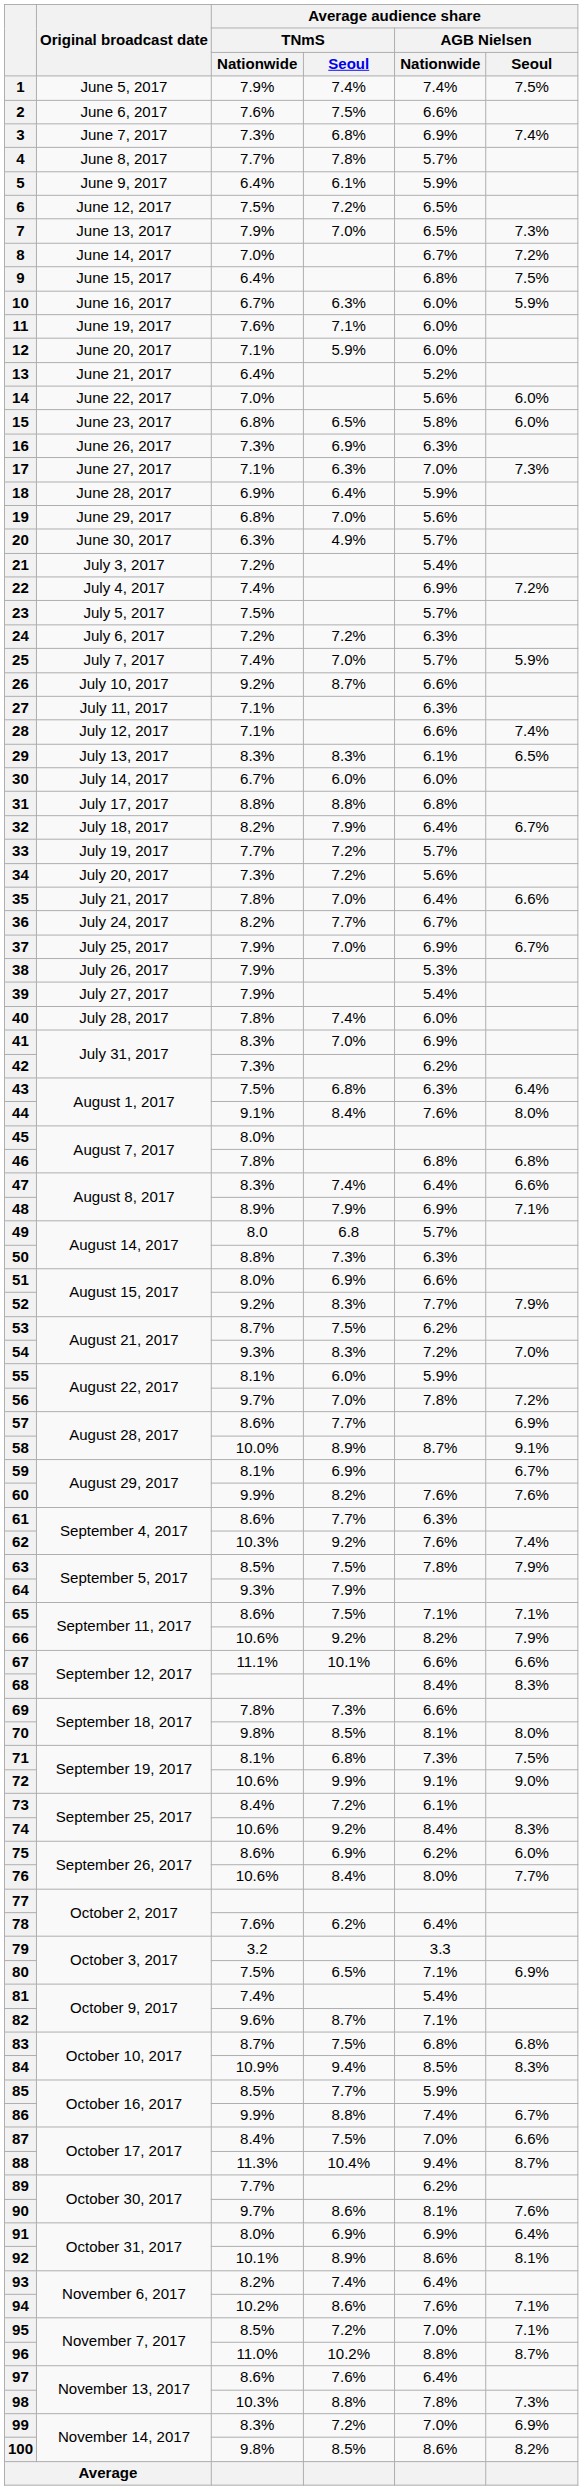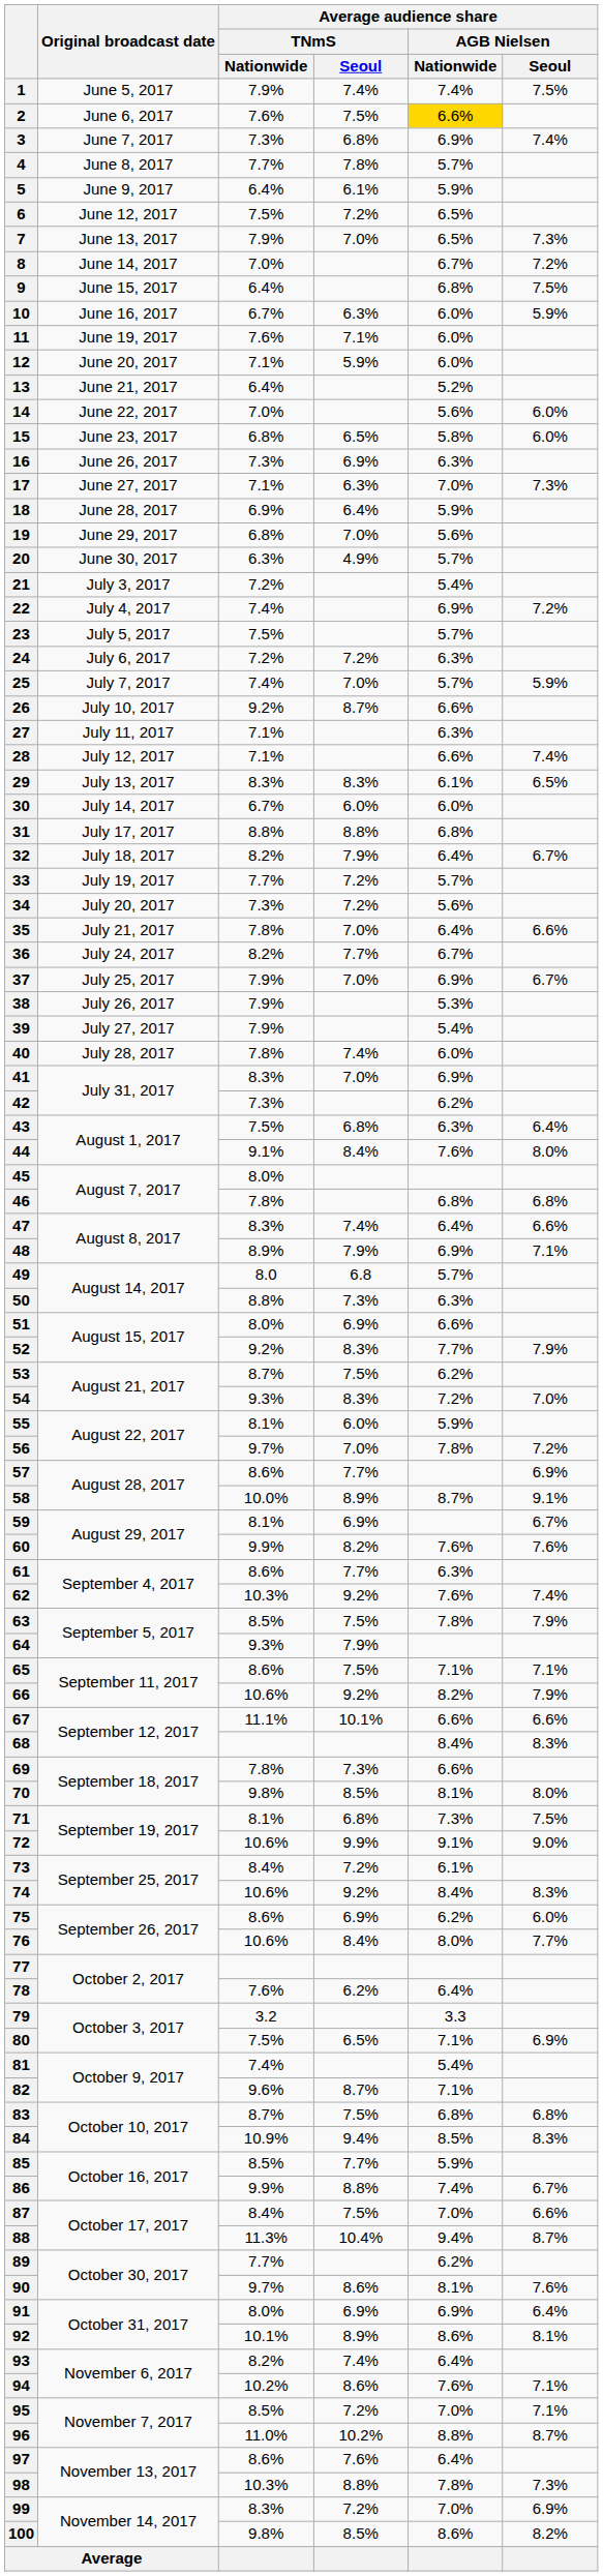 <table class="wikitable" style="text-align:center">
 <tr>
 <th rowspan="3"></th>
 <th rowspan="3">Original broadcast date</th>
 <th colspan="4">Average audience share</th>
 </tr>
 <tr>
 <th colspan="2">TNmS</th>
 <th colspan="2">AGB Nielsen</th>
 </tr>
 <tr>
 <th width=90>Nationwide</th>
 <th width=90><a href='#'>Seoul</a></th>
 <th width=90>Nationwide</th>
 <th width=90>Seoul</th>
 </tr>
 <tr>
 <th>1</th>
 <td>June 5, 2017</td>
 <td>7.9% </td>
 <td>7.4% </td>
 <td>7.4% </td>
 <td>7.5% </td>
 </tr>
 <tr>
 <th>2</th>
 <td>June 6, 2017</td>
 <td>7.6% </td>
 <td>7.5% </td>
-<td>6.6% </td>
+<td style="background: gold;">6.6% </td>
 <td></td>
 </tr>
 <tr>
 <th>3</th>
 <td>June 7, 2017</td>
 <td>7.3% </td>
 <td>6.8% </td>
 <td>6.9% </td>
 <td>7.4% </td>
 </tr>
 <tr>
 <th>4</th>
 <td>June 8, 2017</td>
 <td>7.7% </td>
 <td>7.8% </td>
 <td>5.7% </td>
 <td></td>
 </tr>
 <tr>
 <th>5</th>
 <td>June 9, 2017</td>
 <td>6.4% </td>
 <td>6.1% </td>
 <td>5.9% </td>
 <td> </td>
 </tr>
 <tr>
 <th>6</th>
 <td>June 12, 2017</td>
 <td>7.5% </td>
 <td>7.2% </td>
 <td>6.5% </td>
 <td></td>
 </tr>
 <tr>
 <th>7</th>
 <td>June 13, 2017</td>
 <td>7.9% </td>
 <td>7.0% </td>
 <td>6.5% </td>
 <td>7.3% </td>
 </tr>
 <tr>
 <th>8</th>
 <td>June 14, 2017</td>
 <td>7.0% </td>
 <td></td>
 <td>6.7% </td>
 <td>7.2% </td>
 </tr>
 <tr>
 <th>9</th>
 <td>June 15, 2017</td>
 <td>6.4% </td>
 <td></td>
 <td>6.8% </td>
 <td>7.5% </td>
 </tr>
 <tr>
 <th>10</th>
 <td>June 16, 2017</td>
 <td>6.7% </td>
 <td>6.3% </td>
 <td>6.0% </td>
 <td>5.9% </td>
 </tr>
 <tr>
 <th>11</th>
 <td>June 19, 2017</td>
 <td>7.6% </td>
 <td>7.1% </td>
 <td>6.0% </td>
 <td></td>
 </tr>
 <tr>
 <th>12</th>
 <td>June 20, 2017</td>
 <td>7.1% </td>
 <td>5.9% </td>
 <td>6.0% </td>
 <td></td>
 </tr>
 <tr>
 <th>13</th>
 <td>June 21, 2017</td>
 <td>6.4% </td>
 <td></td>
 <td>5.2% </td>
 <td></td>
 </tr>
 <tr>
 <th>14</th>
 <td>June 22, 2017</td>
 <td>7.0% </td>
 <td></td>
 <td>5.6% </td>
 <td>6.0% </td>
 </tr>
 <tr>
 <th>15</th>
 <td>June 23, 2017</td>
 <td>6.8% </td>
 <td>6.5% </td>
 <td>5.8% </td>
 <td>6.0% </td>
 </tr>
 <tr>
 <th>16</th>
 <td>June 26, 2017</td>
 <td>7.3% </td>
 <td>6.9% </td>
 <td>6.3% </td>
 <td></td>
 </tr>
 <tr>
 <th>17</th>
 <td>June 27, 2017</td>
 <td>7.1% </td>
 <td>6.3% </td>
 <td>7.0% </td>
 <td>7.3% </td>
 </tr>
 <tr>
 <th>18</th>
 <td>June 28, 2017</td>
 <td>6.9% </td>
 <td>6.4% </td>
 <td>5.9% </td>
 <td></td>
 </tr>
 <tr>
 <th>19</th>
 <td>June 29, 2017</td>
 <td>6.8% </td>
 <td>7.0% </td>
 <td>5.6% </td>
 <td></td>
 </tr>
 <tr>
 <th>20</th>
 <td>June 30, 2017</td>
 <td>6.3% </td>
 <td>4.9% </td>
 <td>5.7% </td>
 <td></td>
 </tr>
 <tr>
 <th>21</th>
 <td>July 3, 2017</td>
 <td>7.2% </td>
 <td></td>
 <td>5.4% </td>
 <td></td>
 </tr>
 <tr>
 <th>22</th>
 <td>July 4, 2017</td>
 <td>7.4% </td>
 <td></td>
 <td>6.9% </td>
 <td>7.2% </td>
 </tr>
 <tr>
 <th>23</th>
 <td>July 5, 2017</td>
 <td>7.5% </td>
 <td></td>
 <td>5.7% </td>
 <td></td>
 </tr>
 <tr>
 <th>24</th>
 <td>July 6, 2017</td>
 <td>7.2% </td>
 <td>7.2% </td>
 <td>6.3% </td>
 <td></td>
 </tr>
 <tr>
 <th>25</th>
 <td>July 7, 2017</td>
 <td>7.4% </td>
 <td>7.0% </td>
 <td>5.7% </td>
 <td>5.9% </td>
 </tr>
 <tr>
 <th>26</th>
 <td>July 10, 2017</td>
 <td>9.2% </td>
 <td>8.7% </td>
 <td>6.6% </td>
 <td></td>
 </tr>
 <tr>
 <th>27</th>
 <td>July 11, 2017</td>
 <td>7.1% </td>
 <td></td>
 <td>6.3% </td>
 <td></td>
 </tr>
 <tr>
 <th>28</th>
 <td>July 12, 2017</td>
 <td>7.1% </td>
 <td></td>
 <td>6.6% </td>
 <td>7.4% </td>
 </tr>
 <tr>
 <th>29</th>
 <td>July 13, 2017</td>
 <td>8.3% </td>
 <td>8.3% </td>
 <td>6.1% </td>
 <td>6.5% </td>
 </tr>
 <tr>
 <th>30</th>
 <td>July 14, 2017</td>
 <td>6.7% </td>
 <td>6.0% </td>
 <td>6.0% </td>
 <td></td>
 </tr>
 <tr>
 <th>31</th>
 <td>July 17, 2017</td>
 <td>8.8% </td>
 <td>8.8% </td>
 <td>6.8% </td>
 <td></td>
 </tr>
 <tr>
 <th>32</th>
 <td>July 18, 2017</td>
 <td>8.2% </td>
 <td>7.9% </td>
 <td>6.4% </td>
 <td>6.7% </td>
 </tr>
 <tr>
 <th>33</th>
 <td>July 19, 2017</td>
 <td>7.7% </td>
 <td>7.2% </td>
 <td>5.7% </td>
 <td></td>
 </tr>
 <tr>
 <th>34</th>
 <td>July 20, 2017</td>
 <td>7.3% </td>
 <td>7.2% </td>
 <td>5.6% </td>
 <td></td>
 </tr>
 <tr>
 <th>35</th>
 <td>July 21, 2017</td>
 <td>7.8% </td>
 <td>7.0% </td>
 <td>6.4% </td>
 <td>6.6% </td>
 </tr>
 <tr>
 <th>36</th>
 <td>July 24, 2017</td>
 <td>8.2% </td>
 <td>7.7% </td>
 <td>6.7% </td>
 <td></td>
 </tr>
 <tr>
 <th>37</th>
 <td>July 25, 2017</td>
 <td>7.9% </td>
 <td>7.0% </td>
 <td>6.9% </td>
 <td>6.7% </td>
 </tr>
 <tr>
 <th>38</th>
 <td>July 26, 2017</td>
 <td>7.9% </td>
 <td></td>
 <td>5.3% </td>
 <td></td>
 </tr>
 <tr>
 <th>39</th>
 <td>July 27, 2017</td>
 <td>7.9% </td>
 <td></td>
 <td>5.4% </td>
 <td></td>
 </tr>
 <tr>
 <th>40</th>
 <td>July 28, 2017</td>
 <td>7.8% </td>
 <td>7.4% </td>
 <td>6.0% </td>
 <td></td>
 </tr>
 <tr>
 <th>41</th>
 <td rowspan="2">July 31, 2017</td>
 <td>8.3% </td>
 <td>7.0% </td>
 <td>6.9% </td>
 <td></td>
 </tr>
 <tr>
 <th>42</th>
 <td>7.3% </td>
 <td></td>
 <td>6.2% </td>
 <td></td>
 </tr>
 <tr>
 <th>43</th>
 <td rowspan="2">August 1, 2017</td>
 <td>7.5% </td>
 <td>6.8% </td>
 <td>6.3% </td>
 <td>6.4% </td>
 </tr>
 <tr>
 <th>44</th>
 <td>9.1% </td>
 <td>8.4% </td>
 <td>7.6% </td>
 <td>8.0% </td>
 </tr>
 <tr>
 <th>45</th>
 <td rowspan="2">August 7, 2017</td>
 <td>8.0% </td>
 <td></td>
 <td></td>
 <td></td>
 </tr>
 <tr>
 <th>46</th>
 <td>7.8% </td>
 <td></td>
 <td>6.8% </td>
 <td>6.8% </td>
 </tr>
 <tr>
 <th>47</th>
 <td rowspan="2">August 8, 2017</td>
 <td>8.3% </td>
 <td>7.4% </td>
 <td>6.4% </td>
 <td>6.6% </td>
 </tr>
 <tr>
 <th>48</th>
 <td>8.9% </td>
 <td>7.9% </td>
 <td>6.9% </td>
 <td>7.1% </td>
 </tr>
 <tr>
 <th>49</th>
 <td rowspan="2">August 14, 2017</td>
 <td>8.0 </td>
 <td>6.8 </td>
 <td>5.7% </td>
 <td></td>
 </tr>
 <tr>
 <th>50</th>
 <td>8.8% </td>
 <td>7.3% </td>
 <td>6.3% </td>
 <td></td>
 </tr>
 <tr>
 <th>51</th>
 <td rowspan="2">August 15, 2017</td>
 <td>8.0% </td>
 <td>6.9% </td>
 <td>6.6% </td>
 <td></td>
 </tr>
 <tr>
 <th>52</th>
 <td>9.2% </td>
 <td>8.3% </td>
 <td>7.7% </td>
 <td>7.9% </td>
 </tr>
 <tr>
 <th>53</th>
 <td rowspan="2">August 21, 2017</td>
 <td>8.7% </td>
 <td>7.5% </td>
 <td>6.2% </td>
 <td></td>
 </tr>
 <tr>
 <th>54</th>
 <td>9.3% </td>
 <td>8.3% </td>
 <td>7.2% </td>
 <td>7.0% </td>
 </tr>
 <tr>
 <th>55</th>
 <td rowspan="2">August 22, 2017</td>
 <td>8.1% </td>
 <td>6.0% </td>
 <td>5.9% </td>
 <td></td>
 </tr>
 <tr>
 <th>56</th>
 <td>9.7% </td>
 <td>7.0% </td>
 <td>7.8% </td>
 <td>7.2% </td>
 </tr>
 <tr>
 <th>57</th>
 <td rowspan="2">August 28, 2017</td>
 <td>8.6% </td>
 <td>7.7% </td>
 <td></td>
 <td>6.9% </td>
 </tr>
 <tr>
 <th>58</th>
 <td>10.0% </td>
 <td>8.9% </td>
 <td>8.7% </td>
 <td>9.1% </td>
 </tr>
 <tr>
 <th>59</th>
 <td rowspan="2">August 29, 2017</td>
 <td>8.1% </td>
 <td>6.9% </td>
 <td></td>
 <td>6.7% </td>
 </tr>
 <tr>
 <th>60</th>
 <td>9.9% </td>
 <td>8.2% </td>
 <td>7.6% </td>
 <td>7.6% </td>
 </tr>
 <tr>
 <th>61</th>
 <td rowspan="2">September 4, 2017</td>
 <td>8.6% </td>
 <td>7.7% </td>
 <td>6.3% </td>
 <td></td>
 </tr>
 <tr>
 <th>62</th>
 <td>10.3% </td>
 <td>9.2% </td>
 <td>7.6% </td>
 <td>7.4% </td>
 </tr>
 <tr>
 <th>63</th>
 <td rowspan="2">September 5, 2017</td>
 <td>8.5% </td>
 <td>7.5% </td>
 <td>7.8% </td>
 <td>7.9% </td>
 </tr>
 <tr>
 <th>64</th>
 <td>9.3% </td>
 <td>7.9% </td>
 <td> </td>
 <td> </td>
 </tr>
 <tr>
 <th>65</th>
 <td rowspan="2">September 11, 2017</td>
 <td>8.6% </td>
 <td>7.5% </td>
 <td>7.1% </td>
 <td>7.1% </td>
 </tr>
 <tr>
 <th>66</th>
 <td>10.6% </td>
 <td>9.2% </td>
 <td>8.2% </td>
 <td>7.9% </td>
 </tr>
 <tr>
 <th>67</th>
 <td rowspan="2">September 12, 2017</td>
 <td>11.1% </td>
 <td>10.1% </td>
 <td>6.6% </td>
 <td>6.6% </td>
 </tr>
 <tr>
 <th>68</th>
 <td> </td>
 <td> </td>
 <td>8.4% </td>
 <td>8.3% </td>
 </tr>
 <tr>
 <th>69</th>
 <td rowspan="2">September 18, 2017</td>
 <td>7.8% </td>
 <td>7.3% </td>
 <td>6.6% </td>
 <td></td>
 </tr>
 <tr>
 <th>70</th>
 <td>9.8% </td>
 <td>8.5% </td>
 <td>8.1% </td>
 <td>8.0% </td>
 </tr>
 <tr>
 <th>71</th>
 <td rowspan="2">September 19, 2017</td>
 <td>8.1% </td>
 <td>6.8% </td>
 <td>7.3% </td>
 <td>7.5% </td>
 </tr>
 <tr>
 <th>72</th>
 <td>10.6% </td>
 <td>9.9% </td>
 <td>9.1% </td>
 <td>9.0% </td>
 </tr>
 <tr>
 <th>73</th>
 <td rowspan="2">September 25, 2017</td>
 <td>8.4% </td>
 <td>7.2% </td>
 <td>6.1% </td>
 <td></td>
 </tr>
 <tr>
 <th>74</th>
 <td>10.6% </td>
 <td>9.2% </td>
 <td>8.4% </td>
 <td>8.3% </td>
 </tr>
 <tr>
 <th>75</th>
 <td rowspan="2">September 26, 2017</td>
 <td>8.6% </td>
 <td>6.9% </td>
 <td>6.2% </td>
 <td>6.0% </td>
 </tr>
 <tr>
 <th>76</th>
 <td>10.6% </td>
 <td>8.4% </td>
 <td>8.0% </td>
 <td>7.7% </td>
 </tr>
 <tr>
 <th>77</th>
 <td rowspan="2">October 2, 2017</td>
 <td> </td>
 <td></td>
 <td> </td>
 <td></td>
 </tr>
 <tr>
 <th>78</th>
 <td>7.6% </td>
 <td>6.2% </td>
 <td>6.4% </td>
 <td></td>
 </tr>
 <tr>
 <th>79</th>
 <td rowspan="2">October 3, 2017</td>
 <td>3.2</td>
 <td></td>
 <td>3.3</td>
 <td></td>
 </tr>
 <tr>
 <th>80</th>
 <td>7.5% </td>
 <td>6.5% </td>
 <td>7.1% </td>
 <td>6.9% </td>
 </tr>
 <tr>
 <th>81</th>
 <td rowspan="2">October 9, 2017</td>
 <td>7.4% </td>
 <td></td>
 <td>5.4% </td>
 <td></td>
 </tr>
 <tr>
 <th>82</th>
 <td>9.6% </td>
 <td>8.7% </td>
 <td>7.1% </td>
 <td></td>
 </tr>
 <tr>
 <th>83</th>
 <td rowspan="2">October 10, 2017</td>
 <td>8.7% </td>
 <td>7.5% </td>
 <td>6.8% </td>
 <td>6.8% </td>
 </tr>
 <tr>
 <th>84</th>
 <td>10.9% </td>
 <td>9.4% </td>
 <td>8.5% </td>
 <td>8.3% </td>
 </tr>
 <tr>
 <th>85</th>
 <td rowspan="2">October 16, 2017</td>
 <td>8.5% </td>
 <td>7.7% </td>
 <td>5.9% </td>
 <td></td>
 </tr>
 <tr>
 <th>86</th>
 <td>9.9% </td>
 <td>8.8% </td>
 <td>7.4% </td>
 <td>6.7% </td>
 </tr>
 <tr>
 <th>87</th>
 <td rowspan="2">October 17, 2017</td>
 <td>8.4% </td>
 <td>7.5% </td>
 <td>7.0% </td>
 <td>6.6% </td>
 </tr>
 <tr>
 <th>88</th>
 <td>11.3% </td>
 <td>10.4% </td>
 <td>9.4% </td>
 <td>8.7% </td>
 </tr>
 <tr>
 <th>89</th>
 <td rowspan="2">October 30, 2017</td>
 <td>7.7% </td>
 <td></td>
 <td>6.2% </td>
 <td></td>
 </tr>
 <tr>
 <th>90</th>
 <td>9.7% </td>
 <td>8.6% </td>
 <td>8.1% </td>
 <td>7.6% </td>
 </tr>
 <tr>
 <th>91</th>
 <td rowspan="2">October 31, 2017</td>
 <td>8.0% </td>
 <td>6.9% </td>
 <td>6.9% </td>
 <td>6.4% </td>
 </tr>
 <tr>
 <th>92</th>
 <td>10.1% </td>
 <td>8.9% </td>
 <td>8.6% </td>
 <td>8.1% </td>
 </tr>
 <tr>
 <th>93</th>
 <td rowspan="2">November 6, 2017</td>
 <td>8.2% </td>
 <td>7.4% </td>
 <td>6.4% </td>
 <td></td>
 </tr>
 <tr>
 <th>94</th>
 <td>10.2% </td>
 <td>8.6% </td>
 <td>7.6% </td>
 <td>7.1% </td>
 </tr>
 <tr>
 <th>95</th>
 <td rowspan="2">November 7, 2017</td>
 <td>8.5% </td>
 <td>7.2% </td>
 <td>7.0% </td>
 <td>7.1% </td>
 </tr>
 <tr>
 <th>96</th>
 <td>11.0% </td>
 <td>10.2% </td>
 <td>8.8% </td>
 <td>8.7% </td>
 </tr>
 <tr>
 <th>97</th>
 <td rowspan="2">November 13, 2017</td>
 <td>8.6% </td>
 <td>7.6% </td>
 <td>6.4% </td>
 <td></td>
 </tr>
 <tr>
 <th>98</th>
 <td>10.3% </td>
 <td>8.8% </td>
 <td>7.8% </td>
 <td>7.3% </td>
 </tr>
 <tr>
 <th>99</th>
 <td rowspan="2">November 14, 2017</td>
 <td>8.3% </td>
 <td>7.2% </td>
 <td>7.0% </td>
 <td>6.9% </td>
 </tr>
 <tr>
 <th>100</th>
 <td>9.8% </td>
 <td>8.5% </td>
 <td>8.6% </td>
 <td>8.2% </td>
 </tr>
 <tr>
 <th colspan="2">Average</th>
 <th></th>
 <th></th>
 <th></th>
 <th></th>
 </tr>
 </table>
